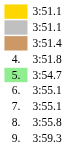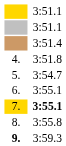 <table style="text-align:center">
 <tr>
 <td width=30 bgcolor=gold></td>
 <td align=left></td>
 <td>3:51.1</td>
 </tr>
 <tr>
 <td bgcolor=silver></td>
 <td align=left></td>
 <td>3:51.1</td>
 </tr>
 <tr>
 <td bgcolor=cc9966></td>
 <td align=left></td>
 <td>3:51.4</td>
 </tr>
 <tr>
 <td>4.</td>
 <td align=left></td>
 <td>3:51.8</td>
 </tr>
 <tr>
-<td style="background: lightgreen;">5.</td>
+<td>5.</td>
 <td align=left></td>
 <td>3:54.7</td>
 </tr>
 <tr>
 <td>6.</td>
 <td align=left></td>
 <td>3:55.1</td>
 </tr>
 <tr>
-<td>7.</td>
+<td style="background: gold;">7.</td>
 <td align=left></td>
-<td>3:55.1</td>
+<td><strong>3:55.1</strong></td>
 </tr>
 <tr>
 <td>8.</td>
 <td align=left></td>
 <td>3:55.8</td>
 </tr>
 <tr>
-<td>9.</td>
+<td><strong>9.</strong></td>
 <td align=left></td>
 <td>3:59.3</td>
 </tr>
 </table>
